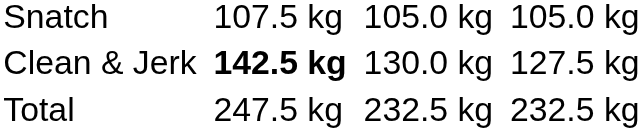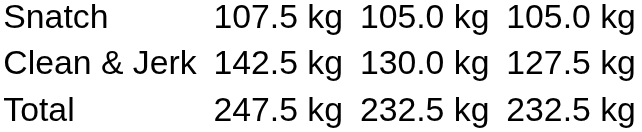 <table>
 <tr>
 <td>Snatch</td>
 <td></td>
 <td>107.5 kg</td>
 <td></td>
 <td>105.0 kg</td>
 <td></td>
 <td>105.0 kg</td>
 </tr>
 <tr>
 <td>Clean & Jerk</td>
 <td></td>
-<td><strong>142.5 kg</strong></td>
+<td>142.5 kg</td>
 <td></td>
 <td>130.0 kg</td>
 <td></td>
 <td>127.5 kg</td>
 </tr>
 <tr>
 <td>Total</td>
 <td></td>
 <td>247.5 kg</td>
 <td></td>
 <td>232.5 kg</td>
 <td></td>
 <td>232.5 kg</td>
 </tr>
 </table>
